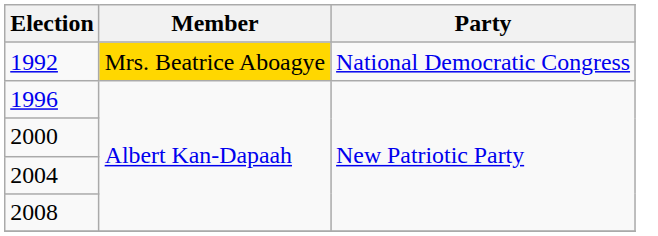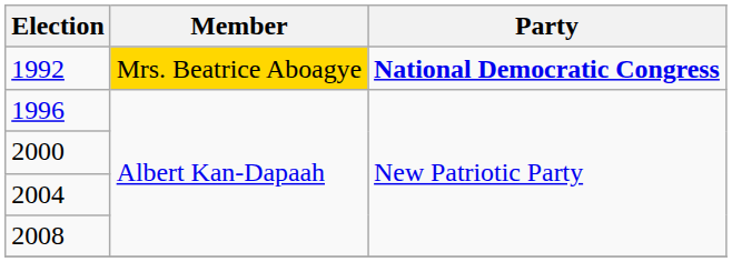 <table class="wikitable">
 <tr>
 <th>Election</th>
 <th>Member</th>
 <th>Party</th>
 </tr>
 <tr>
 <td><a href='#'>1992</a></td>
 <td style="background: gold;">Mrs. Beatrice Aboagye</td>
-<td><a href='#'>National Democratic Congress</a></td>
+<td><strong><a href='#'>National Democratic Congress</a></strong></td>
 </tr>
 <tr>
 <td><a href='#'>1996</a></td>
 <td rowspan="4"><a href='#'>Albert Kan-Dapaah</a></td>
 <td rowspan="4"><a href='#'>New Patriotic Party</a></td>
 </tr>
 <tr>
 <td>2000</td>
 </tr>
 <tr>
 <td>2004</td>
 </tr>
 <tr>
 <td>2008</td>
 </tr>
 <tr>
 </tr>
 </table>
